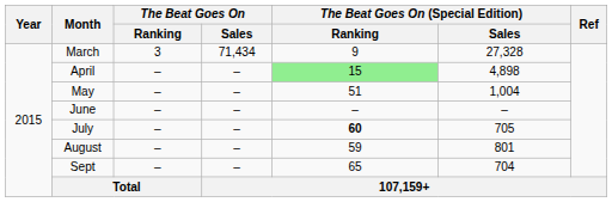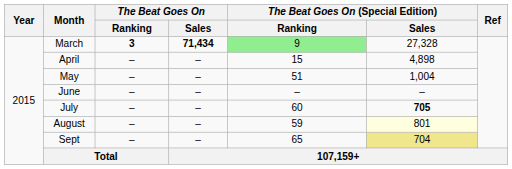 <table class="wikitable" style="text-align:center; width:800px">
 <tr>
 <th rowspan=2>Year</th>
 <th rowspan=2>Month</th>
 <th colspan=2><em>The Beat Goes On</em></th>
 <th colspan=2><em>The Beat Goes On</em> (Special Edition)</th>
 <th rowspan=2>Ref</th>
 </tr>
 <tr>
 <th>Ranking</th>
 <th>Sales</th>
 <th>Ranking</th>
 <th>Sales</th>
 </tr>
 <tr>
 <td rowspan=8>2015</td>
 <td>March</td>
-<td>3</td>
-<td>71,434</td>
-<td>9</td>
+<td><strong>3</strong></td>
+<td><strong>71,434</strong></td>
+<td style="background: lightgreen;">9</td>
 <td>27,328</td>
 <td rowspan=7></td>
 </tr>
 <tr>
 <td>April</td>
 <td>–</td>
 <td>–</td>
-<td style="background: lightgreen;">15</td>
+<td>15</td>
 <td>4,898</td>
 </tr>
 <tr>
 <td>May</td>
 <td>–</td>
 <td>–</td>
 <td>51</td>
 <td>1,004</td>
 </tr>
 <tr>
 <td>June</td>
 <td>–</td>
 <td>–</td>
 <td>–</td>
 <td>–</td>
 </tr>
 <tr>
 <td>July</td>
 <td>–</td>
 <td>–</td>
-<td><strong>60</strong></td>
-<td>705</td>
+<td>60</td>
+<td><strong>705</strong></td>
 </tr>
 <tr>
 <td>August</td>
 <td>–</td>
 <td>–</td>
 <td>59</td>
-<td>801</td>
+<td style="background: lightyellow;">801</td>
 </tr>
 <tr>
 <td>Sept</td>
 <td>–</td>
 <td>–</td>
 <td>65</td>
-<td>704</td>
+<td style="background: khaki;">704</td>
 </tr>
 <tr>
 <th colspan=2>Total</th>
 <th colspan=8>107,159+</th>
 </tr>
 </table>
